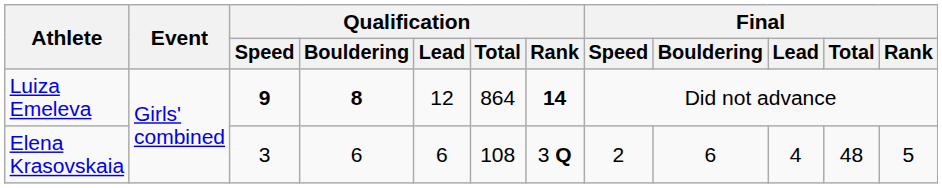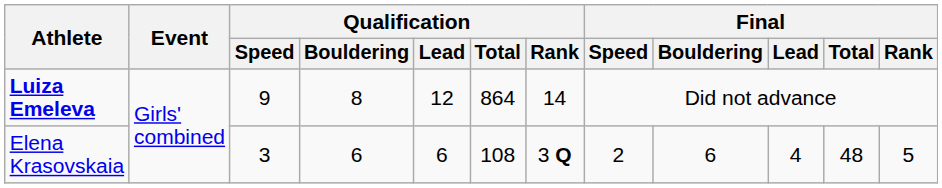 <table class="wikitable" style="text-align:center;font-size:90%">
 <tr>
 <th rowspan=2>Athlete</th>
 <th rowspan=2>Event</th>
 <th colspan=5>Qualification</th>
 <th colspan=5>Final</th>
 </tr>
 <tr style="font-size:95%">
 <th>Speed</th>
 <th>Bouldering</th>
 <th>Lead</th>
 <th>Total</th>
 <th>Rank</th>
 <th>Speed</th>
 <th>Bouldering</th>
 <th>Lead</th>
 <th>Total</th>
 <th>Rank</th>
 </tr>
 <tr>
-<td align=left><a href='#'>Luiza Emeleva</a></td>
+<td align=left><strong><a href='#'>Luiza Emeleva</a></strong></td>
 <td rowspan=2 align=left><a href='#'>Girls' combined</a></td>
-<td><strong>9</strong></td>
-<td><strong>8</strong></td>
+<td>9</td>
+<td>8</td>
 <td>12</td>
 <td>864</td>
-<td><strong>14</strong></td>
+<td>14</td>
 <td colspan=5>Did not advance</td>
 </tr>
 <tr>
 <td align=left><a href='#'>Elena Krasovskaia</a></td>
 <td>3</td>
 <td>6</td>
 <td>6</td>
 <td>108</td>
 <td>3 <strong>Q</strong></td>
 <td>2</td>
 <td>6</td>
 <td>4</td>
 <td>48</td>
 <td>5</td>
 </tr>
 </table>
